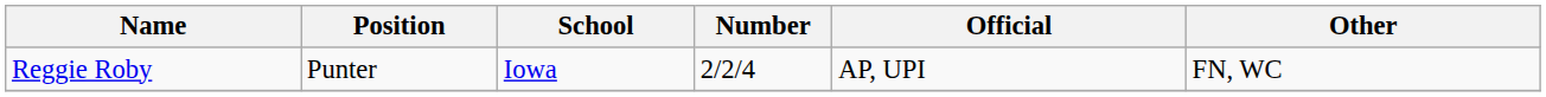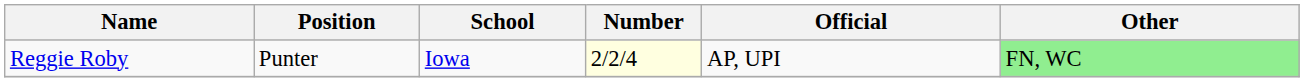 <table class="wikitable sortable">
 <tr>
 <th bgcolor="#DDDDFF" width="15%">Name</th>
 <th bgcolor="#DDDDFF" width="10%">Position</th>
 <th bgcolor="#DDDDFF" width="10%">School</th>
 <th bgcolor="#DDDDFF" width="7%">Number</th>
 <th bgcolor="#DDDDFF" width="18%">Official</th>
 <th bgcolor="#DDDDFF" width="18%">Other</th>
 </tr>
 <tr align="left">
 <td><a href='#'>Reggie Roby</a></td>
 <td>Punter</td>
 <td><a href='#'>Iowa</a></td>
-<td>2/2/4</td>
+<td style="background: lightyellow;">2/2/4</td>
 <td>AP, UPI</td>
-<td>FN, WC</td>
+<td style="background: lightgreen;">FN, WC</td>
 </tr>
 <tr align="left">
 </tr>
 </table>
